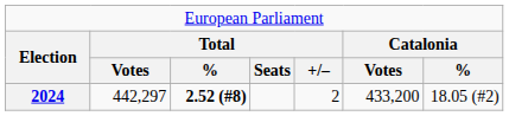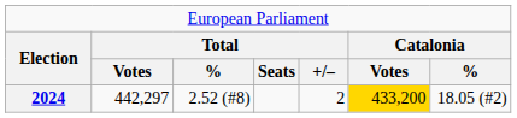 <table class="wikitable" style="text-align:right;">
 <tr>
 <td colspan="7" align="center"><a href='#'>European Parliament</a></td>
 </tr>
 <tr>
 <th rowspan="2" width="75">Election</th>
 <th colspan="4">Total</th>
 <th colspan="2">Catalonia</th>
 </tr>
 <tr>
 <th width="70">Votes</th>
 <th width="70">%</th>
 <th>Seats</th>
 <th width="40">+/–</th>
 <th width="70">Votes</th>
 <th width="70">%</th>
 </tr>
 <tr>
 <th><a href='#'>2024</a></th>
 <td>442,297</td>
-<td><strong>2.52 (#8)</strong></td>
+<td>2.52 (#8)</td>
 <td></td>
 <td>2</td>
-<td>433,200</td>
+<td style="background: gold;">433,200</td>
 <td>18.05 (#2)</td>
 </tr>
 </table>
